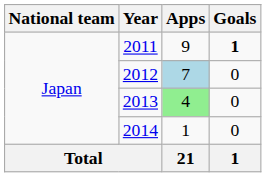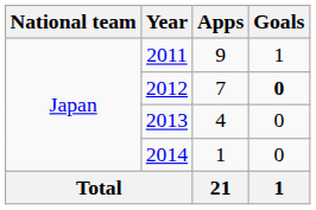 <table class="wikitable" style="text-align:center">
 <tr>
 <th>National team</th>
 <th>Year</th>
 <th>Apps</th>
 <th>Goals</th>
 </tr>
 <tr>
 <td rowspan="4"><a href='#'>Japan</a></td>
 <td><a href='#'>2011</a></td>
 <td>9</td>
-<td><strong>1</strong></td>
+<td>1</td>
 </tr>
 <tr>
 <td><a href='#'>2012</a></td>
-<td style="background: lightblue;">7</td>
-<td>0</td>
+<td>7</td>
+<td><strong>0</strong></td>
 </tr>
 <tr>
 <td><a href='#'>2013</a></td>
-<td style="background: lightgreen;">4</td>
+<td>4</td>
 <td>0</td>
 </tr>
 <tr>
 <td><a href='#'>2014</a></td>
 <td>1</td>
 <td>0</td>
 </tr>
 <tr>
 <th colspan="2">Total</th>
 <th>21</th>
 <th>1</th>
 </tr>
 </table>
